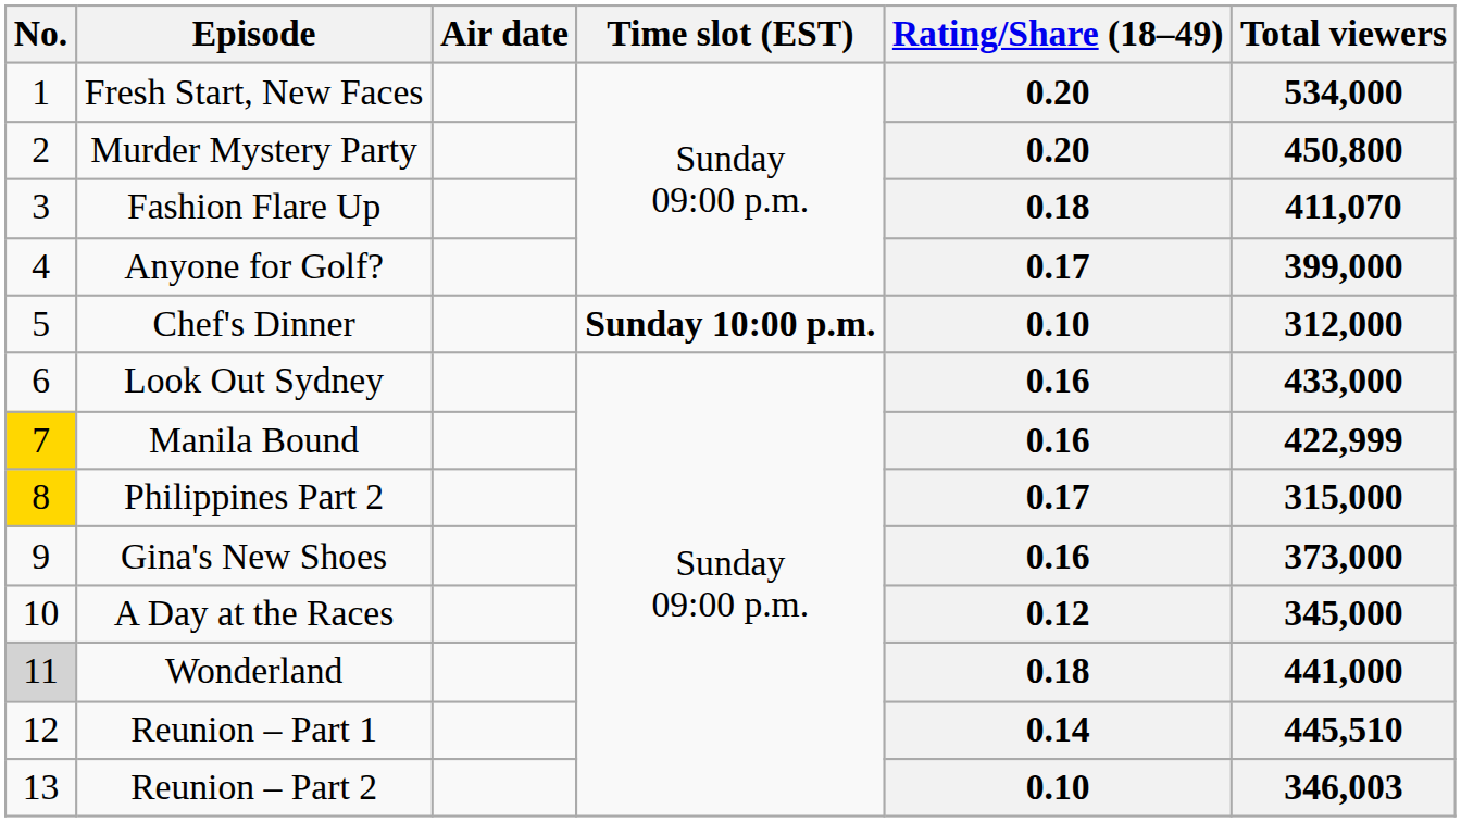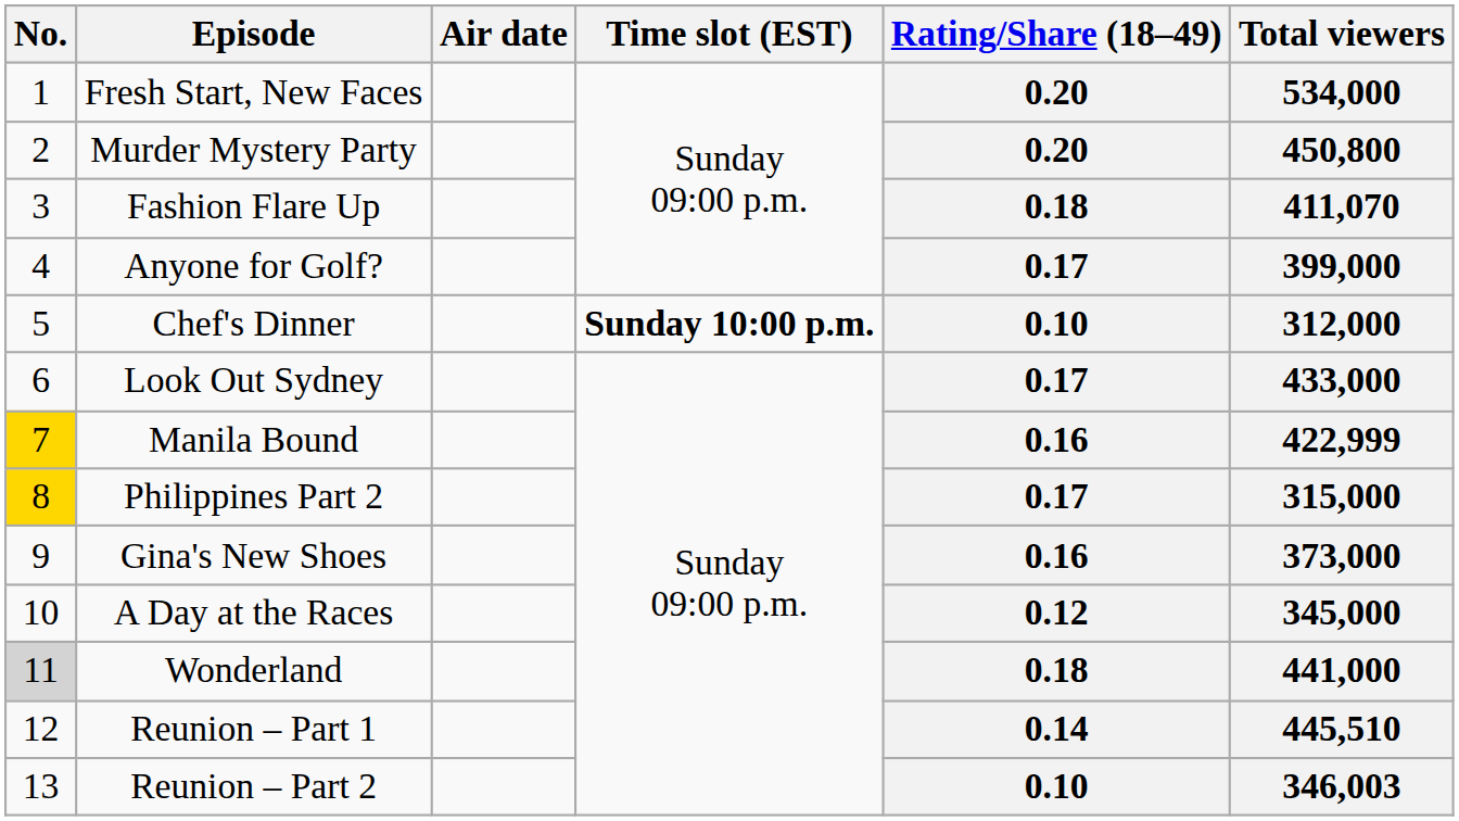 <table class="wikitable" style="text-align:center;">
 <tr>
 <th>No.</th>
 <th>Episode</th>
 <th>Air date</th>
 <th>Time slot (EST)</th>
 <th><a href='#'>Rating/Share</a> (18–49)</th>
 <th>Total viewers</th>
 </tr>
 <tr>
 <td style="text-align:center">1</td>
 <td>Fresh Start, New Faces</td>
 <td></td>
 <td style="text-align:center" rowspan="4">Sunday<br>09:00 p.m.</td>
 <th>0.20</th>
 <th>534,000</th>
 </tr>
 <tr>
 <td style="text-align:center">2</td>
 <td>Murder Mystery Party</td>
 <td></td>
 <th>0.20</th>
 <th>450,800</th>
 </tr>
 <tr>
 <td style="text-align:center">3</td>
 <td>Fashion Flare Up</td>
 <td></td>
 <th>0.18</th>
 <th>411,070</th>
 </tr>
 <tr>
 <td style="text-align:center">4</td>
 <td>Anyone for Golf?</td>
 <td></td>
 <th>0.17</th>
 <th>399,000</th>
 </tr>
 <tr>
 <td style="text-align:center">5</td>
 <td>Chef's Dinner</td>
 <td></td>
 <td style="text-align:center"><strong>Sunday 10:00 p.m.</strong></td>
 <th>0.10</th>
 <th>312,000</th>
 </tr>
 <tr>
 <td style="text-align:center">6</td>
 <td>Look Out Sydney</td>
 <td></td>
 <td style="text-align:center" rowspan="8">Sunday<br>09:00 p.m.</td>
-<th>0.16</th>
+<th>0.17</th>
 <th>433,000</th>
 </tr>
 <tr>
 <td style="background: gold; text-align:center">7</td>
 <td>Manila Bound</td>
 <td></td>
 <th>0.16</th>
 <th>422,999</th>
 </tr>
 <tr>
 <td style="background: gold; text-align:center">8</td>
 <td>Philippines Part 2</td>
 <td></td>
 <th>0.17</th>
 <th>315,000</th>
 </tr>
 <tr>
 <td style="text-align:center">9</td>
 <td>Gina's New Shoes</td>
 <td></td>
 <th>0.16</th>
 <th>373,000</th>
 </tr>
 <tr>
 <td style="text-align:center">10</td>
 <td>A Day at the Races</td>
 <td></td>
 <th>0.12</th>
 <th>345,000</th>
 </tr>
 <tr>
 <td style="background: lightgrey; text-align:center">11</td>
 <td>Wonderland</td>
 <td></td>
 <th>0.18</th>
 <th>441,000</th>
 </tr>
 <tr>
 <td style="text-align:center">12</td>
 <td>Reunion – Part 1</td>
 <td></td>
 <th>0.14</th>
 <th>445,510</th>
 </tr>
 <tr>
 <td style="text-align:center">13</td>
 <td>Reunion – Part 2</td>
 <td></td>
 <th>0.10</th>
 <th>346,003</th>
 </tr>
 </table>
